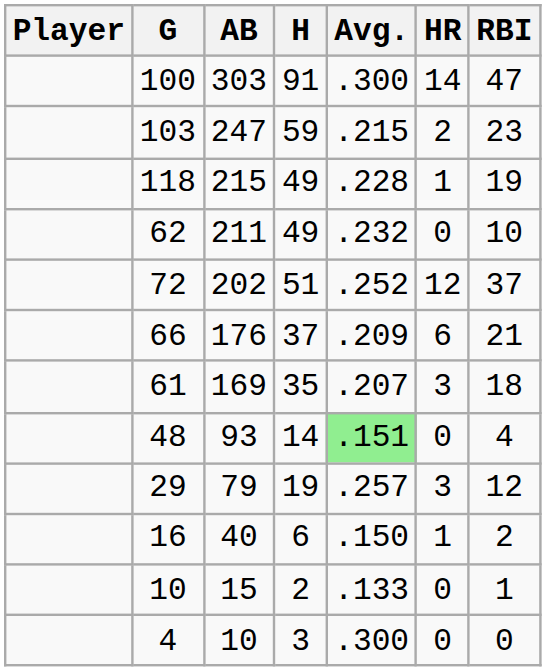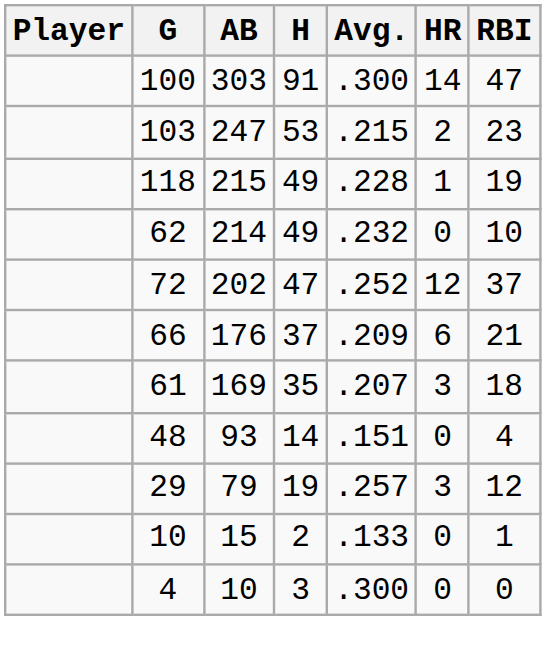 <table class="wikitable sortable">
 <tr>
 <th>Player</th>
 <th>G</th>
 <th>AB</th>
 <th>H</th>
 <th>Avg.</th>
 <th>HR</th>
 <th>RBI</th>
 </tr>
 <tr align="center">
 <td></td>
 <td>100</td>
 <td>303</td>
 <td>91</td>
 <td>.300</td>
 <td>14</td>
 <td>47</td>
 </tr>
 <tr align="center">
 <td></td>
 <td>103</td>
 <td>247</td>
-<td>59</td>
+<td>53</td>
 <td>.215</td>
 <td>2</td>
 <td>23</td>
 </tr>
 <tr align="center">
 <td></td>
 <td>118</td>
 <td>215</td>
 <td>49</td>
 <td>.228</td>
 <td>1</td>
 <td>19</td>
 </tr>
 <tr align="center">
 <td></td>
 <td>62</td>
-<td>211</td>
+<td>214</td>
 <td>49</td>
 <td>.232</td>
 <td>0</td>
 <td>10</td>
 </tr>
 <tr align="center">
 <td></td>
 <td>72</td>
 <td>202</td>
-<td>51</td>
+<td>47</td>
 <td>.252</td>
 <td>12</td>
 <td>37</td>
 </tr>
 <tr align="center">
 <td></td>
 <td>66</td>
 <td>176</td>
 <td>37</td>
 <td>.209</td>
 <td>6</td>
 <td>21</td>
 </tr>
 <tr align="center">
 <td></td>
 <td>61</td>
 <td>169</td>
 <td>35</td>
 <td>.207</td>
 <td>3</td>
 <td>18</td>
 </tr>
 <tr align="center">
 <td></td>
 <td>48</td>
 <td>93</td>
 <td>14</td>
-<td style="background: lightgreen;">.151</td>
+<td>.151</td>
 <td>0</td>
 <td>4</td>
 </tr>
 <tr align="center">
 <td></td>
 <td>29</td>
 <td>79</td>
 <td>19</td>
 <td>.257</td>
 <td>3</td>
 <td>12</td>
-</tr>
-<tr align="center">
-<td></td>
-<td>16</td>
-<td>40</td>
-<td>6</td>
-<td>.150</td>
-<td>1</td>
-<td>2</td>
 </tr>
 <tr align="center">
 <td></td>
 <td>10</td>
 <td>15</td>
 <td>2</td>
 <td>.133</td>
 <td>0</td>
 <td>1</td>
 </tr>
 <tr align="center">
 <td></td>
 <td>4</td>
 <td>10</td>
 <td>3</td>
 <td>.300</td>
 <td>0</td>
 <td>0</td>
 </tr>
 </table>
